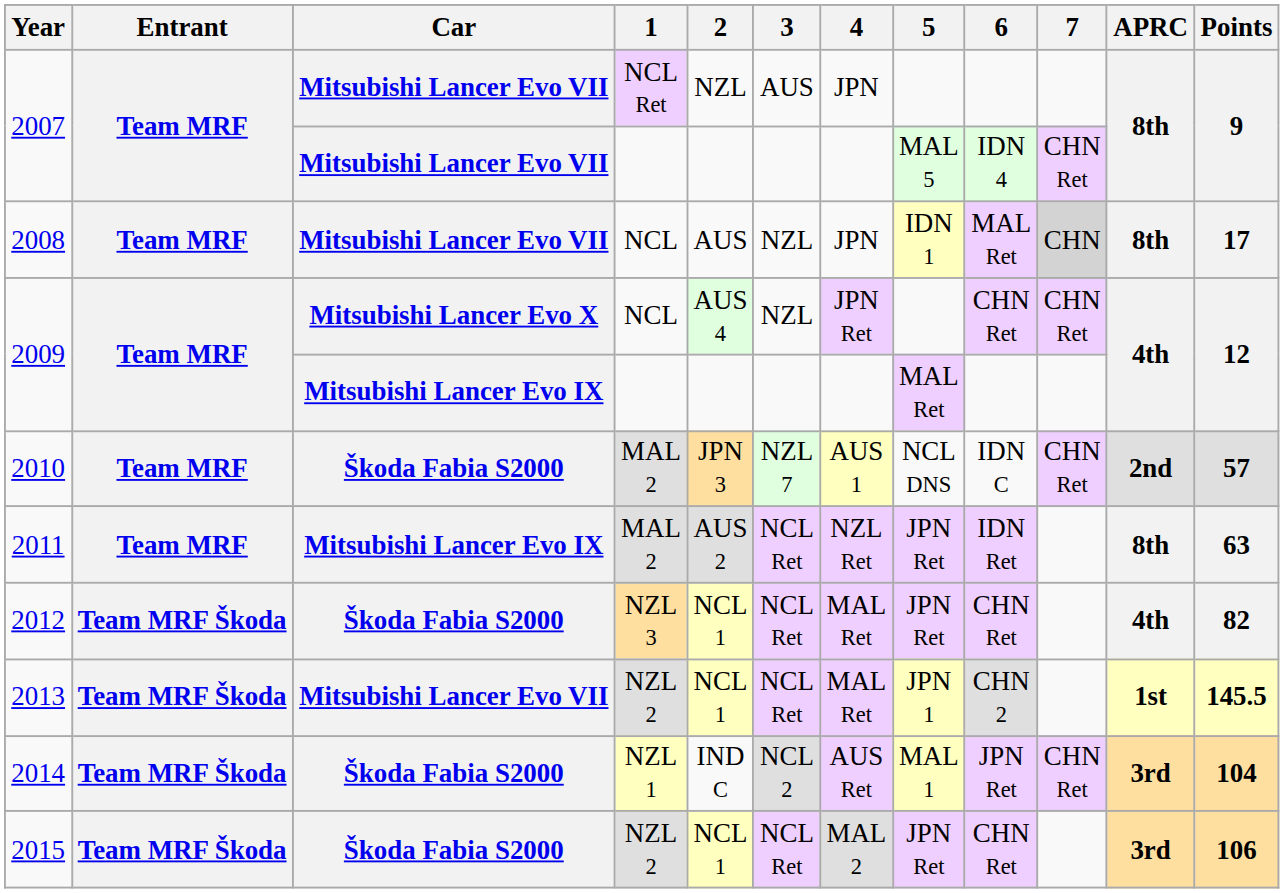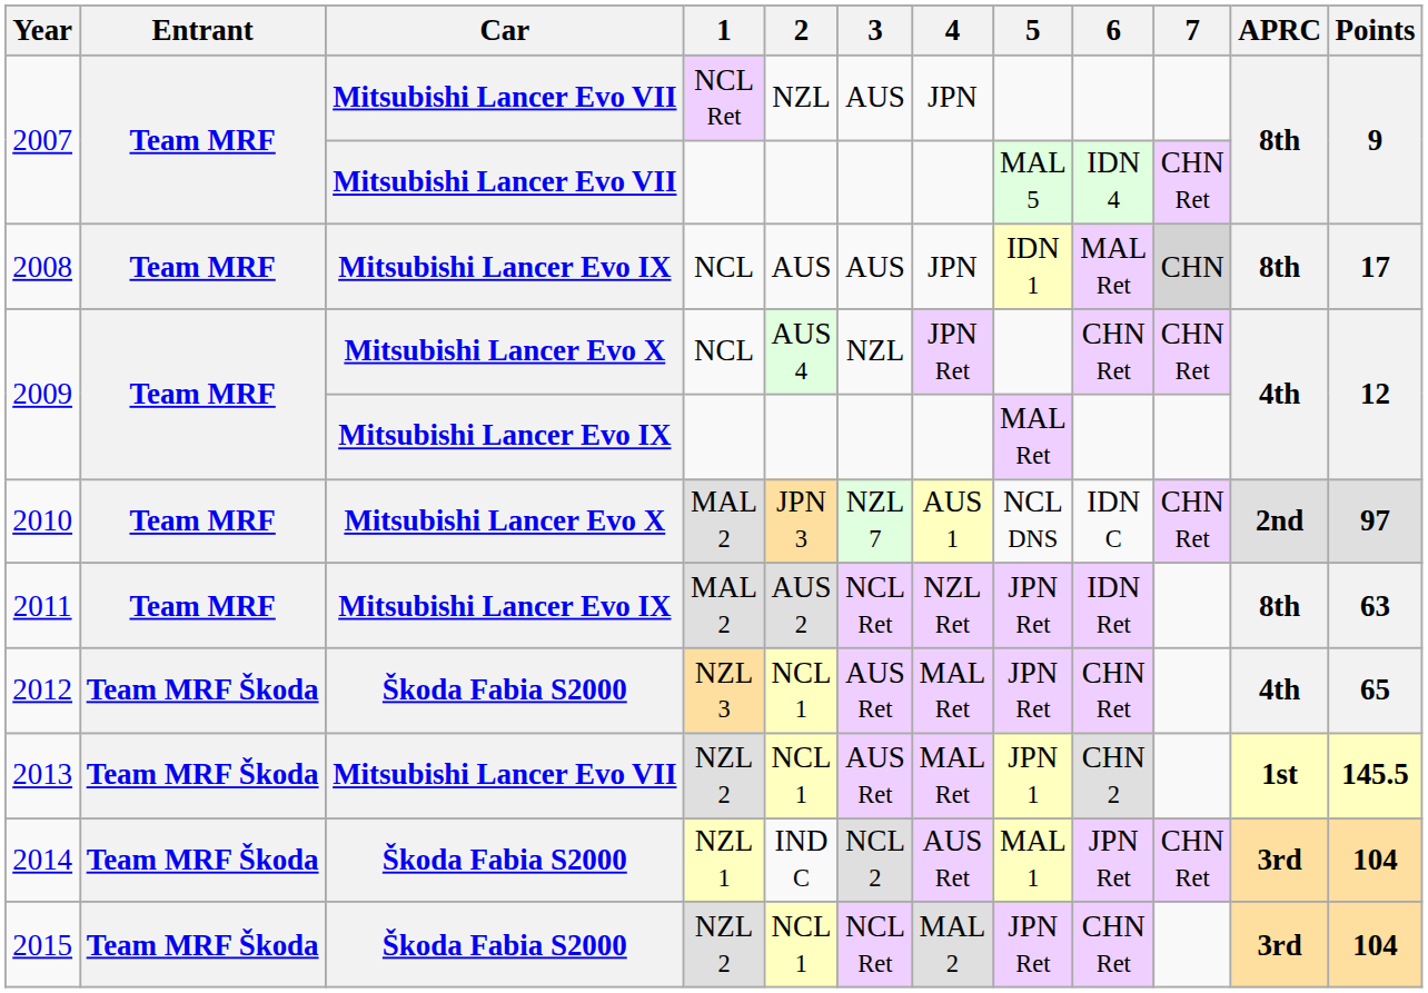 <table class="wikitable" style="text-align:center; font-size:90%">
 <tr>
 <th>Year</th>
 <th>Entrant</th>
 <th>Car</th>
 <th>1</th>
 <th>2</th>
 <th>3</th>
 <th>4</th>
 <th>5</th>
 <th>6</th>
 <th>7</th>
 <th>APRC</th>
 <th>Points</th>
 </tr>
 <tr>
 <td rowspan=2><a href='#'>2007</a></td>
 <th rowspan=2><a href='#'>Team MRF</a></th>
 <th><a href='#'>Mitsubishi Lancer Evo VII</a></th>
 <td style="background:#EFCFFF;">NCL<br><small>Ret</small></td>
 <td>NZL</td>
 <td>AUS</td>
 <td>JPN</td>
 <td></td>
 <td></td>
 <td></td>
 <th rowspan=2>8th</th>
 <th rowspan=2>9</th>
 </tr>
 <tr>
 <th><a href='#'>Mitsubishi Lancer Evo VII</a></th>
 <td></td>
 <td></td>
 <td></td>
 <td></td>
 <td style="background:#DFFFDF;">MAL<br><small>5</small></td>
 <td style="background:#DFFFDF;">IDN<br><small>4</small></td>
 <td style="background:#EFCFFF;">CHN<br><small>Ret</small></td>
 </tr>
 <tr>
 <td><a href='#'>2008</a></td>
 <th><a href='#'>Team MRF</a></th>
-<th><a href='#'>Mitsubishi Lancer Evo VII</a></th>
+<th><a href='#'>Mitsubishi Lancer Evo IX</a></th>
 <td>NCL</td>
 <td>AUS</td>
-<td>NZL</td>
+<td>AUS</td>
 <td>JPN</td>
 <td style="background:#FFFFBF;">IDN<br><small>1</small></td>
 <td style="background:#EFCFFF;">MAL<br><small>Ret</small></td>
 <td style="background: lightgrey;">CHN</td>
 <th>8th</th>
 <th>17</th>
 </tr>
 <tr>
 <td rowspan=2><a href='#'>2009</a></td>
 <th rowspan=2><a href='#'>Team MRF</a></th>
 <th><a href='#'>Mitsubishi Lancer Evo X</a></th>
 <td>NCL</td>
 <td style="background:#DFFFDF;">AUS<br><small>4</small></td>
 <td>NZL</td>
 <td style="background:#EFCFFF;">JPN<br><small>Ret</small></td>
 <td></td>
 <td style="background:#EFCFFF;">CHN<br><small>Ret</small></td>
 <td style="background:#EFCFFF;">CHN<br><small>Ret</small></td>
 <th rowspan=2>4th</th>
 <th rowspan=2>12</th>
 </tr>
 <tr>
 <th><a href='#'>Mitsubishi Lancer Evo IX</a></th>
 <td></td>
 <td></td>
 <td></td>
 <td></td>
 <td style="background:#EFCFFF;">MAL<br><small>Ret</small></td>
 <td></td>
 <td></td>
 </tr>
 <tr>
 <td><a href='#'>2010</a></td>
 <th><a href='#'>Team MRF</a></th>
-<th><a href='#'>Škoda Fabia S2000</a></th>
+<th><a href='#'>Mitsubishi Lancer Evo X</a></th>
 <td style="background:#DFDFDF;">MAL<br><small>2</small></td>
 <td style="background:#FFDF9F;">JPN<br><small>3</small></td>
 <td style="background:#DFFFDF;">NZL<br><small>7</small></td>
 <td style="background:#FFFFBF;">AUS<br><small>1</small></td>
 <td style="background:">NCL<br><small>DNS</small></td>
 <td style="background:">IDN<br><small>C</small></td>
 <td style="background:#EFCFFF;">CHN<br><small>Ret</small></td>
 <td style="background:#DFDFDF;"><strong>2nd</strong></td>
-<td style="background:#DFDFDF;"><strong>57</strong></td>
+<td style="background:#DFDFDF;"><strong>97</strong></td>
 </tr>
 <tr>
 <td><a href='#'>2011</a></td>
 <th><a href='#'>Team MRF</a></th>
 <th><a href='#'>Mitsubishi Lancer Evo IX</a></th>
 <td style="background:#DFDFDF;">MAL<br><small>2</small></td>
 <td style="background:#DFDFDF;">AUS<br><small>2</small></td>
 <td style="background:#EFCFFF;">NCL<br><small>Ret</small></td>
 <td style="background:#EFCFFF;">NZL<br><small>Ret</small></td>
 <td style="background:#EFCFFF;">JPN<br><small>Ret</small></td>
 <td style="background:#EFCFFF;">IDN<br><small>Ret</small></td>
 <td></td>
 <th>8th</th>
 <th>63</th>
 </tr>
 <tr>
 <td><a href='#'>2012</a></td>
 <th><a href='#'>Team MRF Škoda</a></th>
 <th><a href='#'>Škoda Fabia S2000</a></th>
 <td style="background:#FFDF9F;">NZL<br><small>3</small></td>
 <td style="background:#FFFFBF;">NCL<br><small>1</small></td>
-<td style="background:#EFCFFF;">NCL<br><small>Ret</small></td>
+<td style="background:#EFCFFF;">AUS<br><small>Ret</small></td>
 <td style="background:#EFCFFF;">MAL<br><small>Ret</small></td>
 <td style="background:#EFCFFF;">JPN<br><small>Ret</small></td>
 <td style="background:#EFCFFF;">CHN<br><small>Ret</small></td>
 <td></td>
 <th>4th</th>
-<th>82</th>
+<th>65</th>
 </tr>
 <tr>
 <td><a href='#'>2013</a></td>
 <th><a href='#'>Team MRF Škoda</a></th>
 <th><a href='#'>Mitsubishi Lancer Evo VII</a></th>
 <td style="background:#DFDFDF;">NZL<br><small>2</small></td>
 <td style="background:#FFFFBF;">NCL<br><small>1</small></td>
-<td style="background:#EFCFFF;">NCL<br><small>Ret</small></td>
+<td style="background:#EFCFFF;">AUS<br><small>Ret</small></td>
 <td style="background:#EFCFFF;">MAL<br><small>Ret</small></td>
 <td style="background:#FFFFBF;">JPN<br><small>1</small></td>
 <td style="background:#DFDFDF;">CHN<br><small>2</small></td>
 <td></td>
 <td style="background:#FFFFBF;"><strong>1st</strong></td>
 <td style="background:#FFFFBF;"><strong>145.5</strong></td>
 </tr>
 <tr>
 <td><a href='#'>2014</a></td>
 <th><a href='#'>Team MRF Škoda</a></th>
 <th><a href='#'>Škoda Fabia S2000</a></th>
 <td style="background:#FFFFBF;">NZL<br><small>1</small></td>
 <td style="background:">IND<br><small>C</small></td>
 <td style="background:#DFDFDF;">NCL<br><small>2</small></td>
 <td style="background:#EFCFFF;">AUS<br><small>Ret</small></td>
 <td style="background:#FFFFBF;">MAL<br><small>1</small></td>
 <td style="background:#EFCFFF;">JPN<br><small>Ret</small></td>
 <td style="background:#EFCFFF;">CHN<br><small>Ret</small></td>
 <td style="background:#FFDF9F;"><strong>3rd</strong></td>
 <td style="background:#FFDF9F;"><strong>104</strong></td>
 </tr>
 <tr>
 <td><a href='#'>2015</a></td>
 <th><a href='#'>Team MRF Škoda</a></th>
 <th><a href='#'>Škoda Fabia S2000</a></th>
 <td style="background:#DFDFDF;">NZL<br><small>2</small></td>
 <td style="background:#FFFFBF;">NCL<br><small>1</small></td>
 <td style="background:#EFCFFF;">NCL<br><small>Ret</small></td>
 <td bgcolor=dfdfdf>MAL<br><small>2</small></td>
 <td bgcolor=efcfff>JPN<br><small>Ret</small></td>
 <td bgcolor=efcfff>CHN<br><small>Ret</small></td>
 <td></td>
 <td style="background:#FFDF9F;"><strong>3rd</strong></td>
-<td style="background:#FFDF9F;"><strong>106</strong></td>
+<td style="background:#FFDF9F;"><strong>104</strong></td>
 </tr>
 </table>
